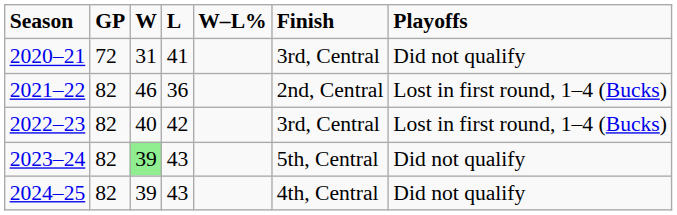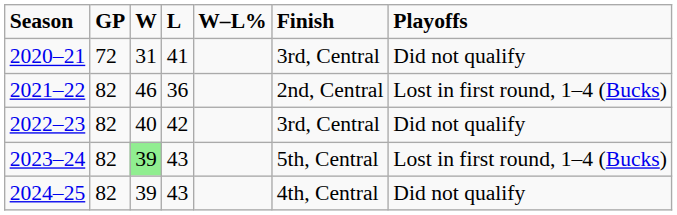 <table class="wikitable">
 <tr style="font-weight:bold; ">
 <td>Season</td>
 <td>GP</td>
 <td>W</td>
 <td>L</td>
 <td>W–L%</td>
 <td>Finish</td>
 <td>Playoffs</td>
 </tr>
 <tr>
 <td><a href='#'>2020–21</a></td>
 <td>72</td>
 <td>31</td>
 <td>41</td>
 <td></td>
 <td>3rd, Central</td>
 <td>Did not qualify</td>
 </tr>
 <tr>
 <td><a href='#'>2021–22</a></td>
 <td>82</td>
 <td>46</td>
 <td>36</td>
 <td></td>
 <td>2nd, Central</td>
 <td>Lost in first round, 1–4 (<a href='#'>Bucks</a>)</td>
 </tr>
 <tr>
 <td><a href='#'>2022–23</a></td>
 <td>82</td>
 <td>40</td>
 <td>42</td>
 <td></td>
 <td>3rd, Central</td>
-<td>Lost in first round, 1–4 (<a href='#'>Bucks</a>)</td>
+<td>Did not qualify</td>
 </tr>
 <tr>
 <td><a href='#'>2023–24</a></td>
 <td>82</td>
 <td style="background: lightgreen;">39</td>
 <td>43</td>
 <td></td>
 <td>5th, Central</td>
-<td>Did not qualify</td>
+<td>Lost in first round, 1–4 (<a href='#'>Bucks</a>)</td>
 </tr>
 <tr>
 <td><a href='#'>2024–25</a></td>
 <td>82</td>
 <td>39</td>
 <td>43</td>
 <td></td>
 <td>4th, Central</td>
 <td>Did not qualify</td>
 </tr>
 </table>
